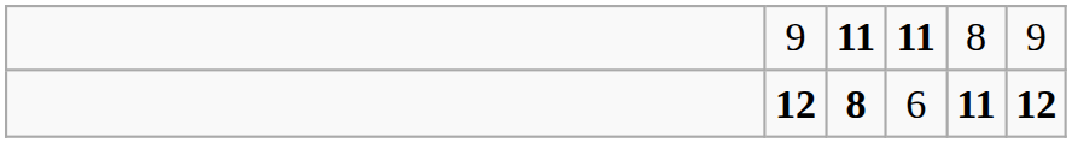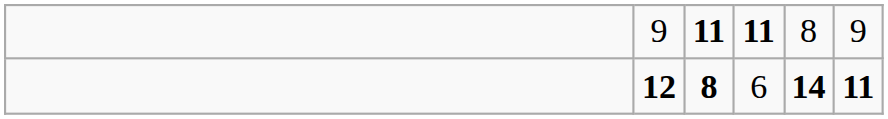 <table class="wikitable">
 <tr>
 <td style="width:18em"></td>
 <td align=center style="width:1em">9</td>
 <td align=center style="width:1em"><strong>11</strong></td>
 <td align=center style="width:1em"><strong>11</strong></td>
 <td align=center style="width:1em">8</td>
 <td align=center style="width:1em">9</td>
 </tr>
 <tr>
 <td style="width:18em"></td>
 <td align=center style="width:1em"><strong>12</strong></td>
 <td align=center style="width:1em"><strong>8</strong></td>
 <td align=center style="width:1em">6</td>
+<td align=center style="width:1em"><strong>14</strong></td>
 <td align=center style="width:1em"><strong>11</strong></td>
-<td align=center style="width:1em"><strong>12</strong></td>
 </tr>
 </table>
